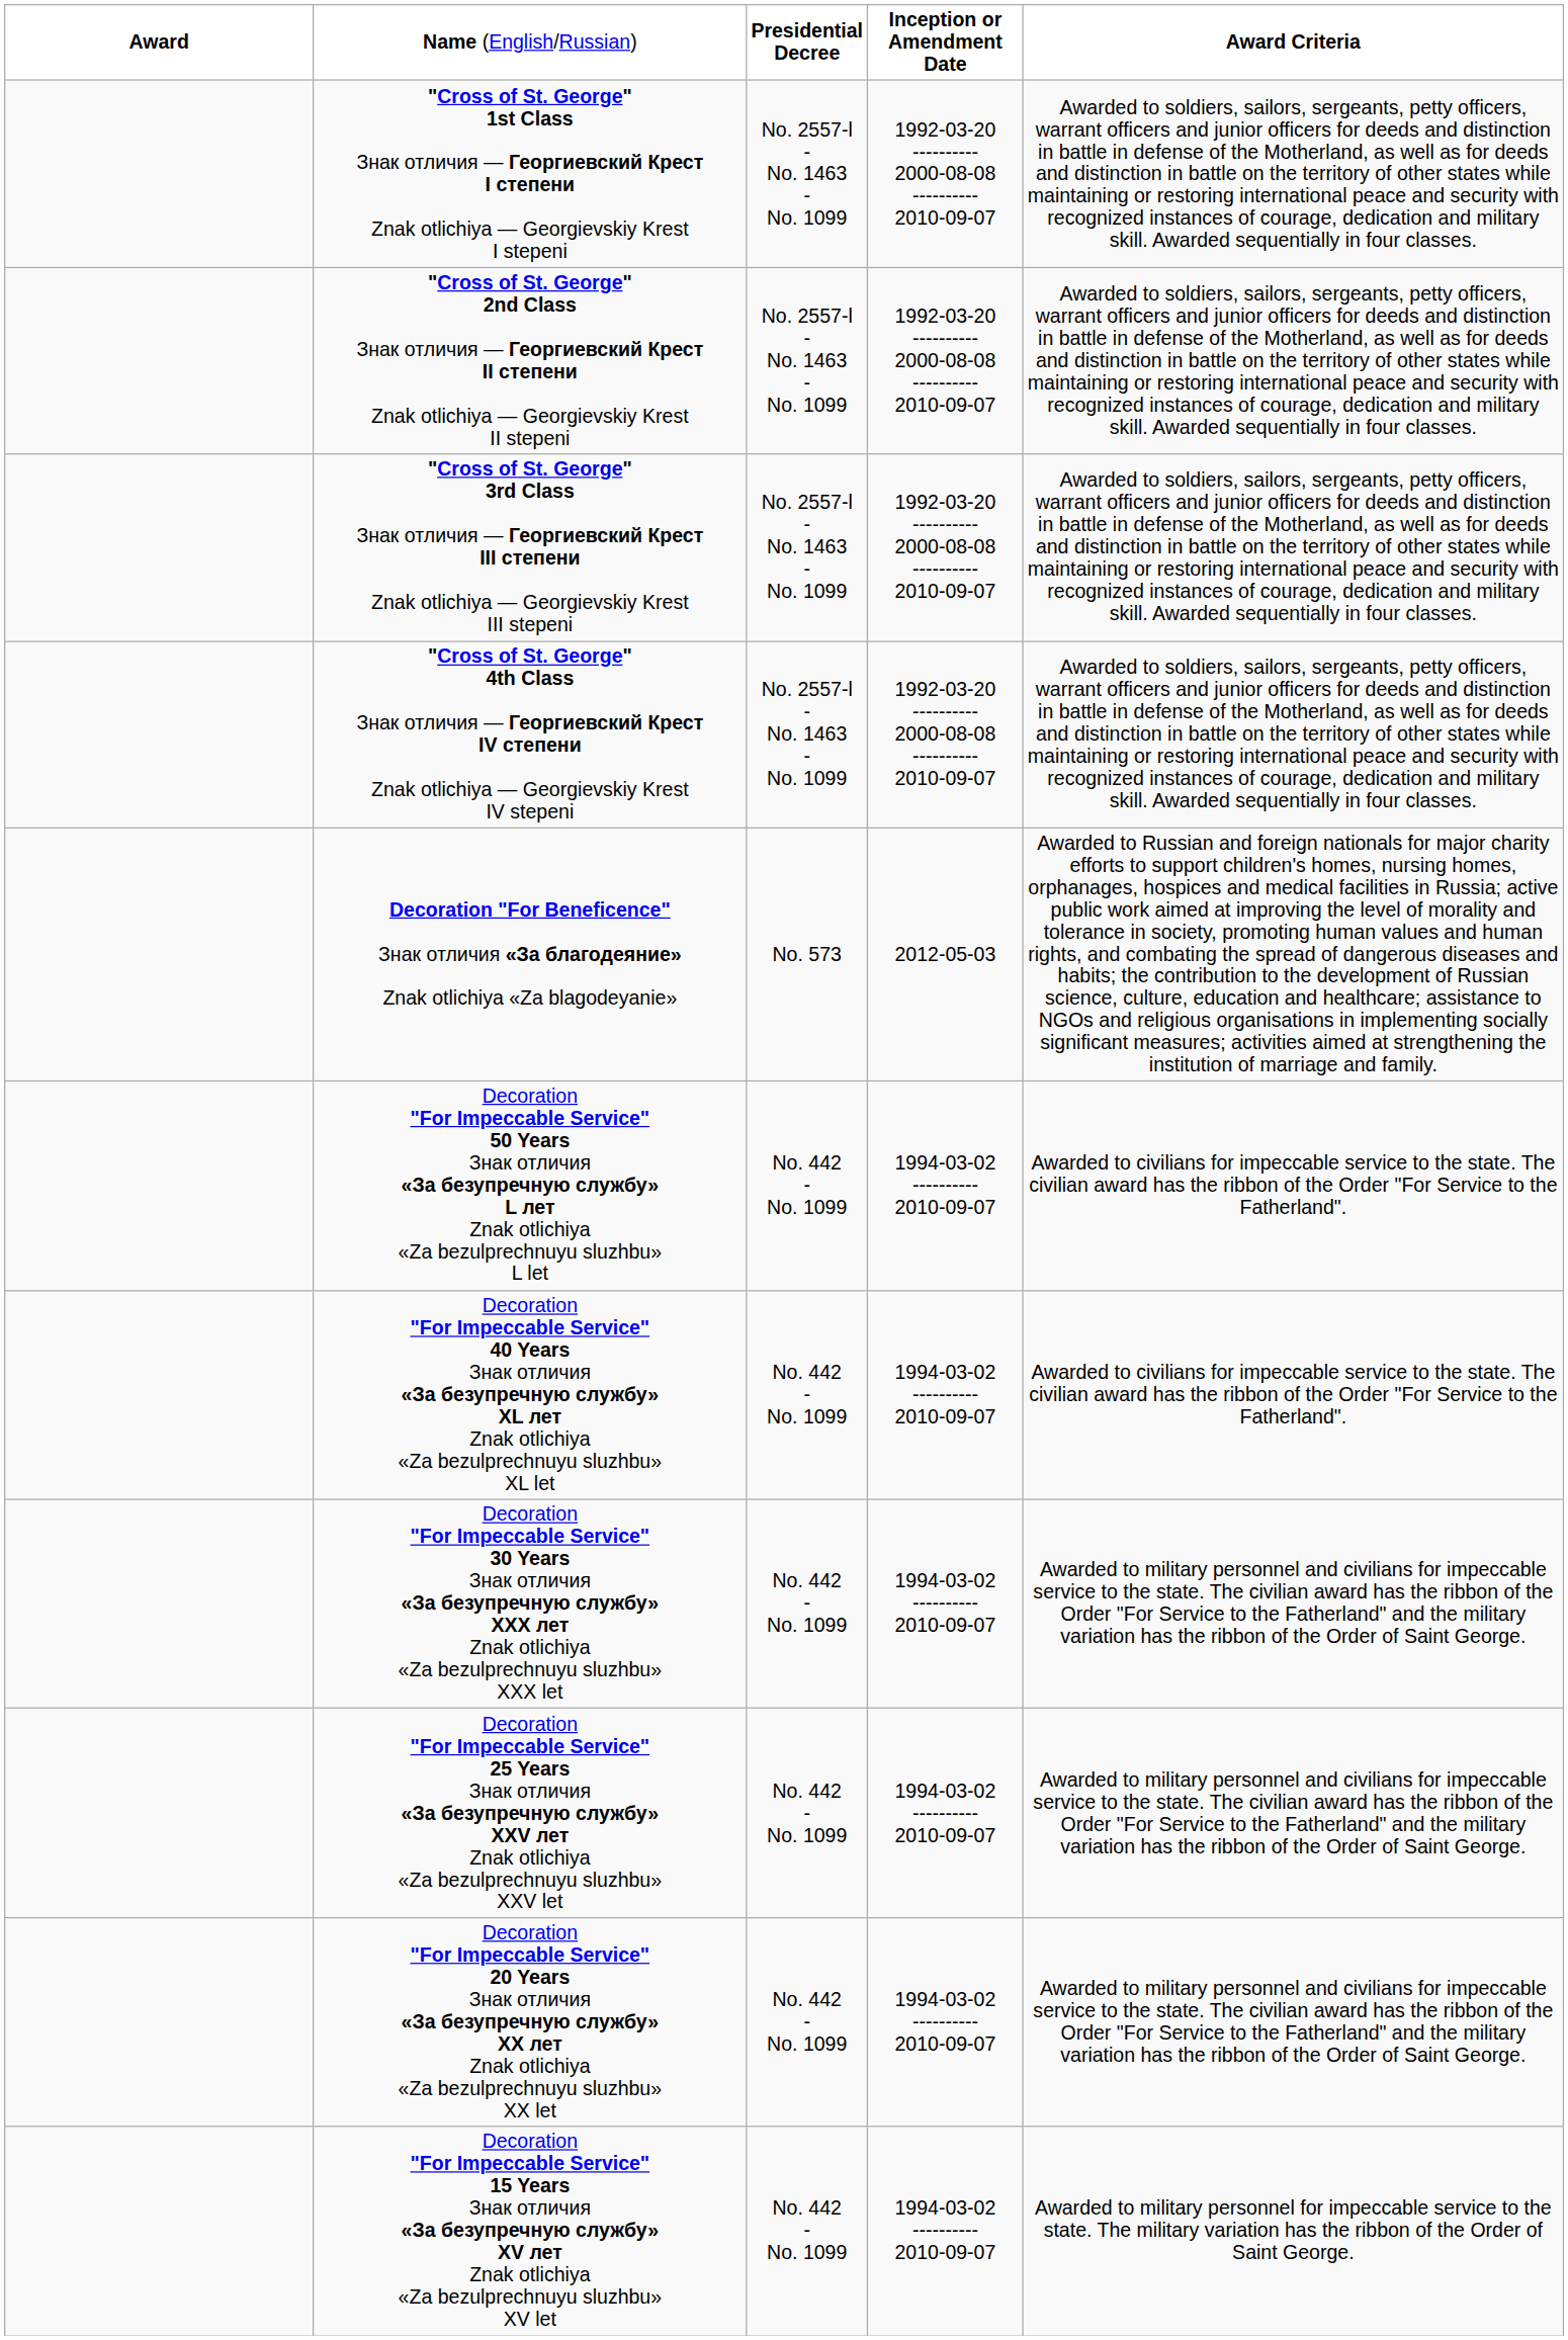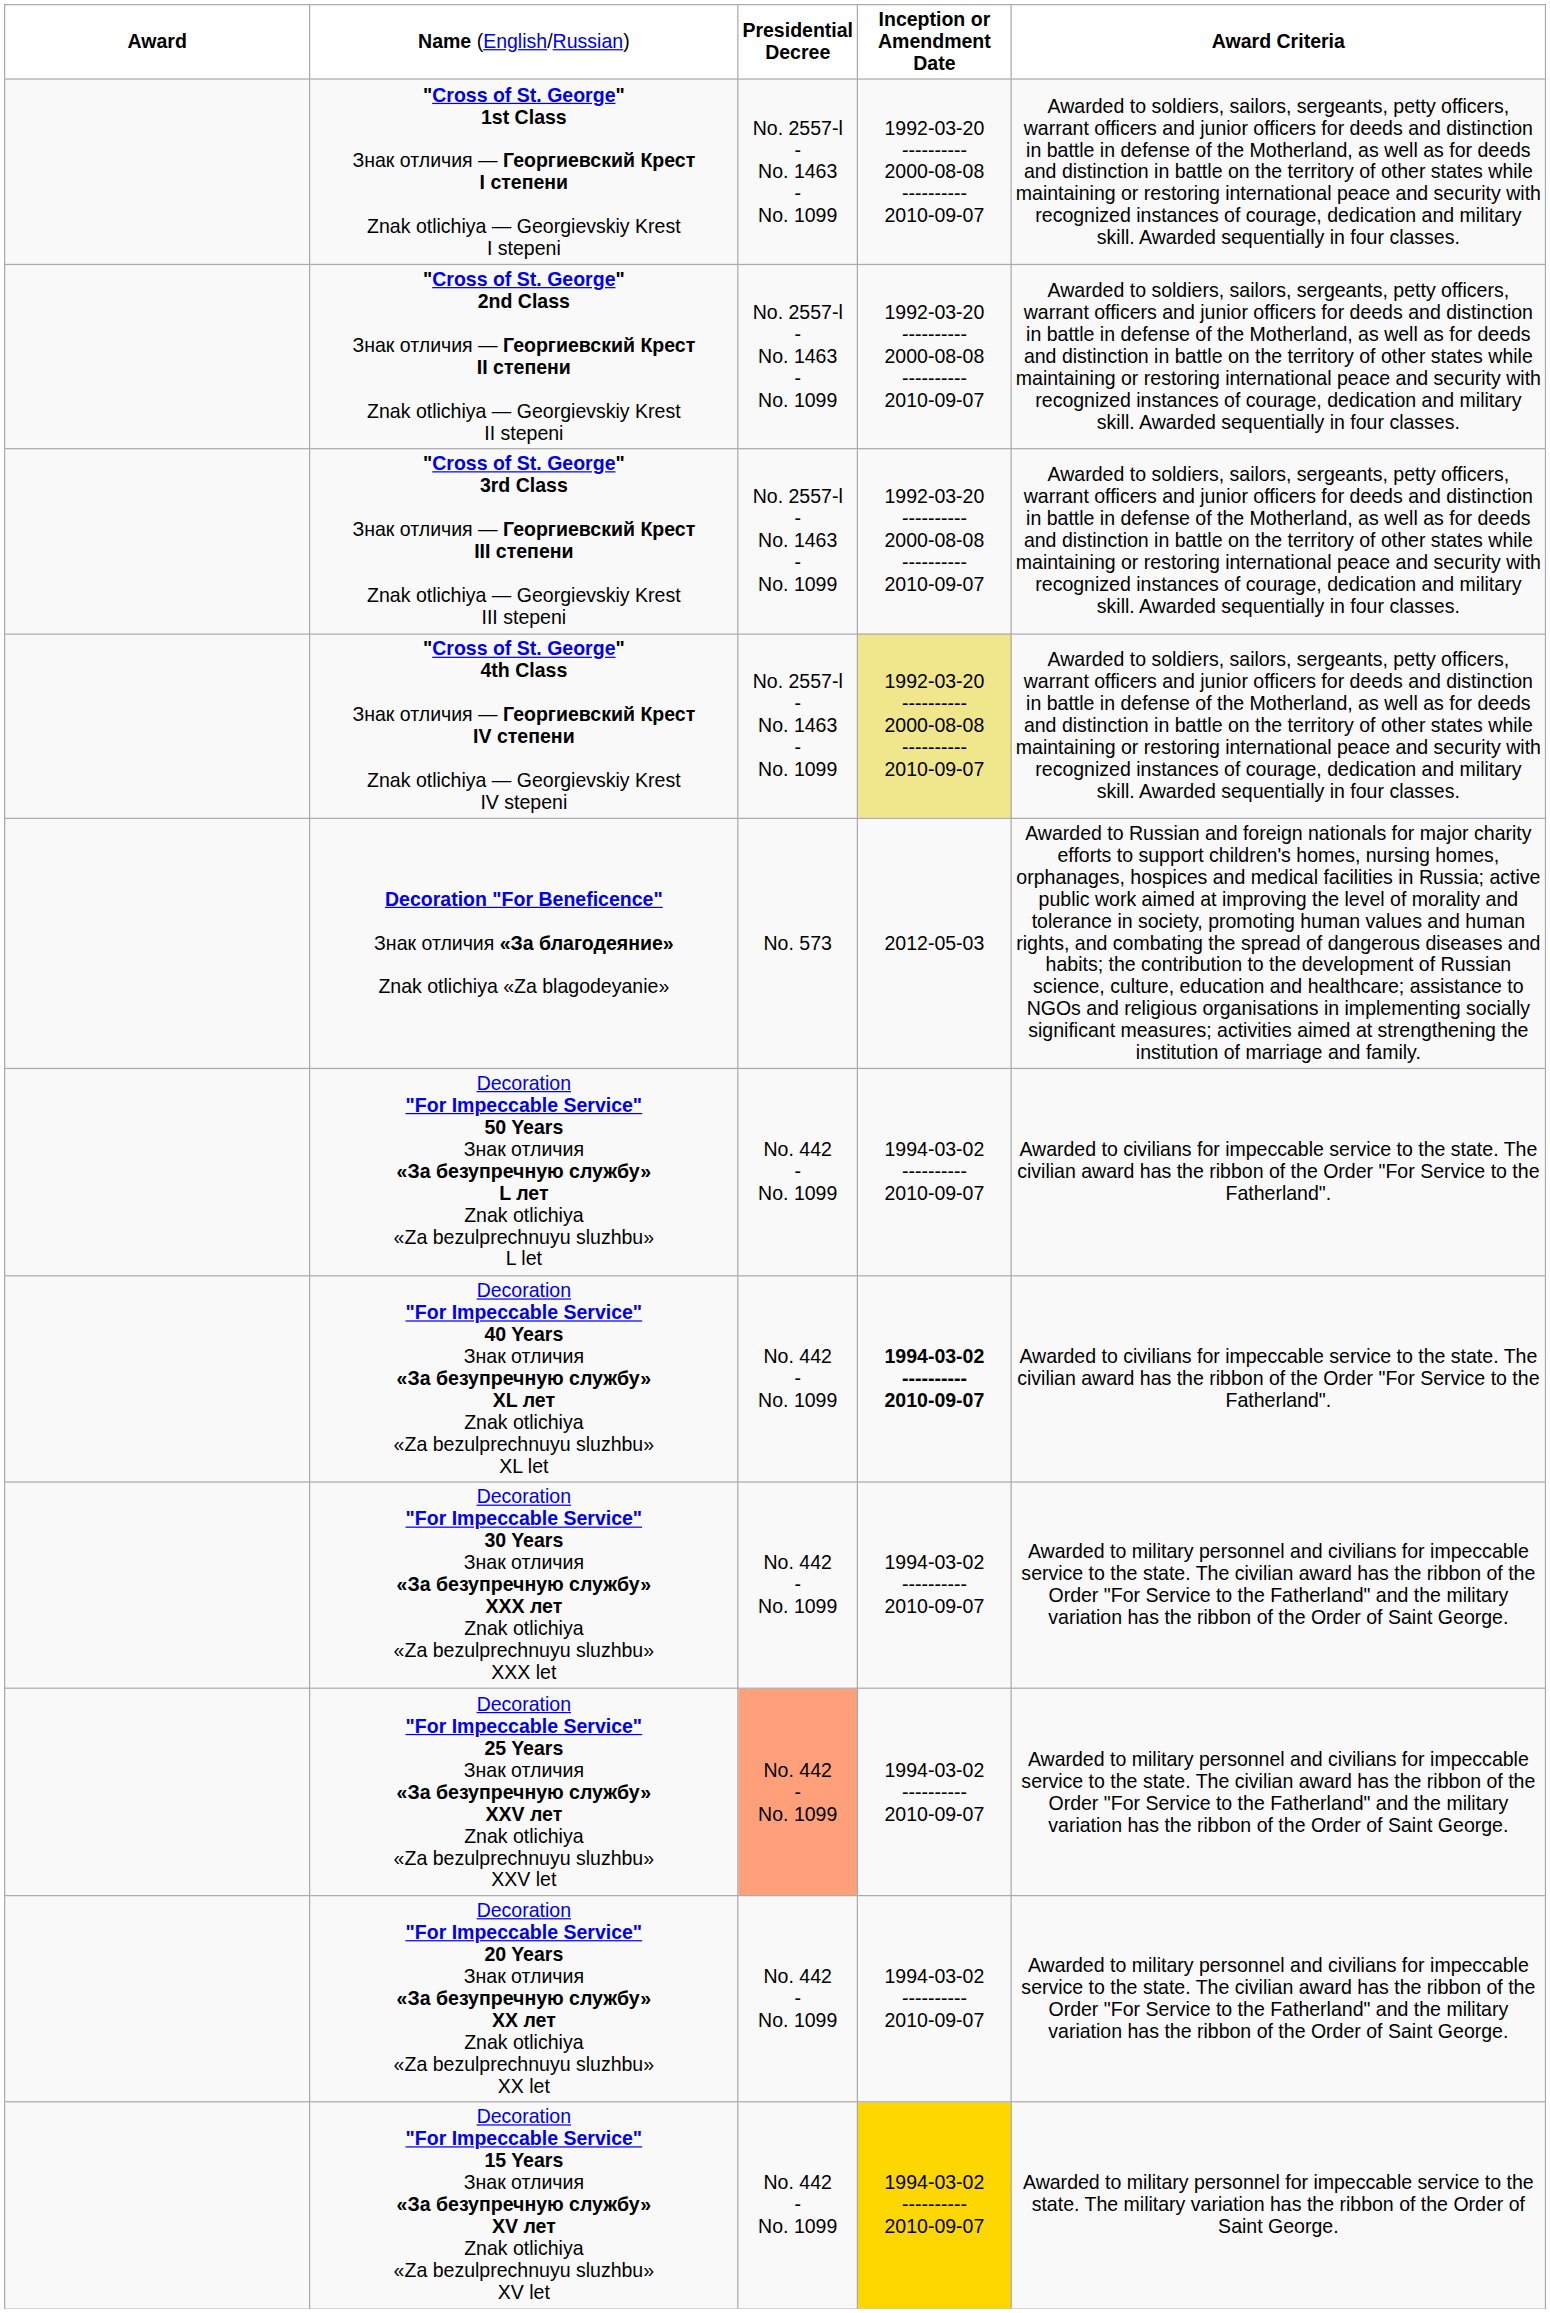 <table class="wikitable sortable" width="100%" style="text-align:center;">
 <tr>
 <td width="20%" bgcolor="#FFFFFF"><strong>Award</strong></td>
 <td width="28%" bgcolor="#FFFFFF"><strong>Name</strong> (<a href='#'>English</a>/<a href='#'>Russian</a>)</td>
 <td bgcolor="#FFFFFF" width="7%"><strong>Presidential Decree</strong></td>
 <td width="10%" bgcolor="#FFFFFF"><strong>Inception or Amendment Date</strong></td>
 <td width="35%" bgcolor="#FFFFFF"><strong>Award Criteria</strong></td>
 </tr>
 <tr>
 <td><br></td>
 <td><strong>"<a href='#'>Cross of St. George</a>"<br>1st Class</strong><br><br>Знак отличия — <strong>Георгиевский Крест<br>I степени</strong><br><br>Znak otlichiya — Georgievskiy Krest<br>I stepeni</td>
 <td>No. 2557-l<br>-<br>No. 1463<br>-<br>No. 1099</td>
 <td>1992-03-20<br>----------<br>2000-08-08<br>----------<br>2010-09-07</td>
 <td>Awarded to soldiers, sailors, sergeants, petty officers, warrant officers and junior officers for deeds and distinction in battle in defense of the Motherland, as well as for deeds and distinction in battle on the territory of other states while maintaining or restoring international peace and security with recognized instances of courage, dedication and military skill. Awarded sequentially in four classes.</td>
 </tr>
 <tr>
 <td><br></td>
 <td><strong>"<a href='#'>Cross of St. George</a>"<br>2nd Class</strong><br><br>Знак отличия — <strong>Георгиевский Крест<br>II степени</strong><br><br>Znak otlichiya — Georgievskiy Krest<br>II stepeni</td>
 <td>No. 2557-l<br>-<br>No. 1463<br>-<br>No. 1099</td>
 <td>1992-03-20<br>----------<br>2000-08-08<br>----------<br>2010-09-07</td>
 <td>Awarded to soldiers, sailors, sergeants, petty officers, warrant officers and junior officers for deeds and distinction in battle in defense of the Motherland, as well as for deeds and distinction in battle on the territory of other states while maintaining or restoring international peace and security with recognized instances of courage, dedication and military skill. Awarded sequentially in four classes.</td>
 </tr>
 <tr>
 <td><br></td>
 <td><strong>"<a href='#'>Cross of St. George</a>"<br>3rd Class</strong><br><br>Знак отличия — <strong>Георгиевский Крест<br>III степени</strong><br><br>Znak otlichiya — Georgievskiy Krest<br>III stepeni</td>
 <td>No. 2557-l<br>-<br>No. 1463<br>-<br>No. 1099</td>
 <td>1992-03-20<br>----------<br>2000-08-08<br>----------<br>2010-09-07</td>
 <td>Awarded to soldiers, sailors, sergeants, petty officers, warrant officers and junior officers for deeds and distinction in battle in defense of the Motherland, as well as for deeds and distinction in battle on the territory of other states while maintaining or restoring international peace and security with recognized instances of courage, dedication and military skill. Awarded sequentially in four classes.</td>
 </tr>
 <tr>
 <td><br></td>
 <td><strong>"<a href='#'>Cross of St. George</a>"<br>4th Class</strong><br><br>Знак отличия — <strong>Георгиевский Крест<br>IV степени</strong><br><br>Znak otlichiya — Georgievskiy Krest<br>IV stepeni</td>
 <td>No. 2557-l<br>-<br>No. 1463<br>-<br>No. 1099</td>
-<td>1992-03-20<br>----------<br>2000-08-08<br>----------<br>2010-09-07</td>
+<td style="background: khaki;">1992-03-20<br>----------<br>2000-08-08<br>----------<br>2010-09-07</td>
 <td>Awarded to soldiers, sailors, sergeants, petty officers, warrant officers and junior officers for deeds and distinction in battle in defense of the Motherland, as well as for deeds and distinction in battle on the territory of other states while maintaining or restoring international peace and security with recognized instances of courage, dedication and military skill. Awarded sequentially in four classes.</td>
 </tr>
 <tr>
 <td><br></td>
 <td><strong><a href='#'>Decoration "For Beneficence"</a></strong><br><br>Знак отличия <strong>«За благодеяние»</strong><br><br>Znak otlichiya «Za blagodeyanie»</td>
 <td>No. 573</td>
 <td>2012-05-03</td>
 <td>Awarded to Russian and foreign nationals for major charity efforts to support children's homes, nursing homes, orphanages, hospices and medical facilities in Russia; active public work aimed at improving the level of morality and tolerance in society, promoting human values and human rights, and combating the spread of dangerous diseases and habits; the contribution to the development of Russian science, culture, education and healthcare; assistance to NGOs and religious organisations in implementing socially significant measures; activities aimed at strengthening the institution of marriage and family.</td>
 </tr>
 <tr>
 <td></td>
 <td><a href='#'>Decoration<br><strong>"For Impeccable Service"</strong></a><br><strong>50 Years</strong><br>Знак отличия<br><strong>«За безупречную службу»<br>L лет</strong><br>Znak otlichiya<br>«Za bezulprechnuyu sluzhbu»<br>L let</td>
 <td>No. 442<br>-<br>No. 1099</td>
 <td>1994-03-02<br>----------<br>2010-09-07</td>
 <td>Awarded to civilians for impeccable service to the state. The civilian award has the ribbon of the Order "For Service to the Fatherland".</td>
 </tr>
 <tr>
 <td></td>
 <td><a href='#'>Decoration<br><strong>"For Impeccable Service"</strong></a><br><strong>40 Years</strong><br>Знак отличия<br><strong>«За безупречную службу»<br>XL лет</strong><br>Znak otlichiya<br>«Za bezulprechnuyu sluzhbu»<br>XL let</td>
 <td>No. 442<br>-<br>No. 1099</td>
-<td>1994-03-02<br>----------<br>2010-09-07</td>
+<td><strong>1994-03-02<br>----------<br>2010-09-07</strong></td>
 <td>Awarded to civilians for impeccable service to the state. The civilian award has the ribbon of the Order "For Service to the Fatherland".</td>
 </tr>
 <tr>
 <td></td>
 <td><a href='#'>Decoration<br><strong>"For Impeccable Service"</strong></a><br><strong>30 Years</strong><br>Знак отличия<br><strong>«За безупречную службу»<br>XXX лет</strong><br>Znak otlichiya<br>«Za bezulprechnuyu sluzhbu»<br>XXX let</td>
 <td>No. 442<br>-<br>No. 1099</td>
 <td>1994-03-02<br>----------<br>2010-09-07</td>
 <td>Awarded to military personnel and civilians for impeccable service to the state. The civilian award has the ribbon of the Order "For Service to the Fatherland" and the military variation has the ribbon of the Order of Saint George.</td>
 </tr>
 <tr>
 <td><br></td>
 <td><a href='#'>Decoration<br><strong>"For Impeccable Service"</strong></a><br><strong>25 Years</strong><br>Знак отличия<br><strong>«За безупречную службу»<br>XXV лет</strong><br>Znak otlichiya<br>«Za bezulprechnuyu sluzhbu»<br>XXV let</td>
-<td>No. 442<br>-<br>No. 1099</td>
+<td style="background: lightsalmon;">No. 442<br>-<br>No. 1099</td>
 <td>1994-03-02<br>----------<br>2010-09-07</td>
 <td>Awarded to military personnel and civilians for impeccable service to the state. The civilian award has the ribbon of the Order "For Service to the Fatherland" and the military variation has the ribbon of the Order of Saint George.</td>
 </tr>
 <tr>
 <td></td>
 <td><a href='#'>Decoration<br><strong>"For Impeccable Service"</strong></a><br><strong>20 Years</strong><br>Знак отличия<br><strong>«За безупречную службу»<br>XX лет</strong><br>Znak otlichiya<br>«Za bezulprechnuyu sluzhbu»<br>XX let</td>
 <td>No. 442<br>-<br>No. 1099</td>
 <td>1994-03-02<br>----------<br>2010-09-07</td>
 <td>Awarded to military personnel and civilians for impeccable service to the state. The civilian award has the ribbon of the Order "For Service to the Fatherland" and the military variation has the ribbon of the Order of Saint George.</td>
 </tr>
 <tr>
 <td></td>
 <td><a href='#'>Decoration<br><strong>"For Impeccable Service"</strong></a><br><strong>15 Years</strong><br>Знак отличия<br><strong>«За безупречную службу»<br>XV лет</strong><br>Znak otlichiya<br>«Za bezulprechnuyu sluzhbu»<br>XV let</td>
 <td>No. 442<br>-<br>No. 1099</td>
-<td>1994-03-02<br>----------<br>2010-09-07</td>
+<td style="background: gold;">1994-03-02<br>----------<br>2010-09-07</td>
 <td>Awarded to military personnel for impeccable service to the state. The military variation has the ribbon of the Order of Saint George.</td>
 </tr>
 </table>
